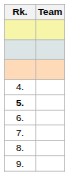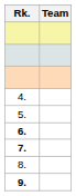 <table class="wikitable" style="border:1px solid #AAAAAA;font-size:90%">
 <tr bgcolor="#E4E4E4">
 <th style="border-bottom:1px solid #AAAAAA" width=40>Rk.</th>
 <th style="border-bottom:1px solid #AAAAAA">Team</th>
 </tr>
 <tr bgcolor="#F7F6A8">
 <td align="center" style="height:23px"></td>
 <td><strong></strong></td>
 </tr>
 <tr bgcolor="#DCE5E5">
 <td align="center" style="height:23px"></td>
 <td></td>
 </tr>
 <tr bgcolor="#FFDAB9">
 <td align="center" style="height:23px"></td>
 <td></td>
 </tr>
 <tr style="background:#ffffff;">
 <td align="center">4.</td>
 <td></td>
 </tr>
 <tr style="background:#ffffff;">
-<td align="center"><strong>5.</strong></td>
+<td align="center">5.</td>
 <td></td>
 </tr>
 <tr style="background:#ffffff;">
-<td align="center">6.</td>
+<td align="center"><strong>6.</strong></td>
 <td></td>
 </tr>
 <tr style="background:#ffffff;">
-<td align="center">7.</td>
+<td align="center"><strong>7.</strong></td>
 <td></td>
 </tr>
 <tr style="background:#ffffff;">
 <td align="center">8.</td>
 <td></td>
 </tr>
 <tr style="background:#ffffff;">
-<td align="center">9.</td>
+<td align="center"><strong>9.</strong></td>
 <td></td>
 </tr>
 </table>
